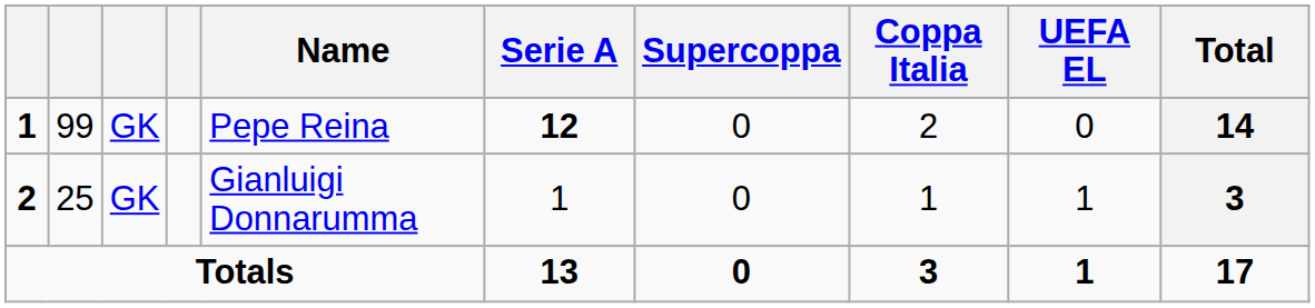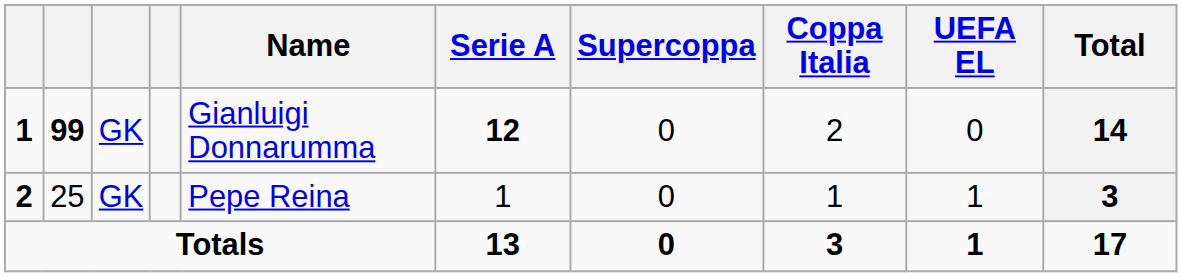 <table class="wikitable" style="text-align:center">
 <tr>
 <th width=15></th>
 <th width=15></th>
 <th width=15></th>
 <th width=15></th>
 <th width=145>Name</th>
 <th width=80><a href='#'>Serie A</a></th>
 <th width=80><a href='#'>Supercoppa</a></th>
 <th width=80><a href='#'>Coppa Italia</a></th>
 <th width=80><a href='#'>UEFA EL</a></th>
 <th width=80>Total</th>
 </tr>
 <tr>
 <td><strong>1</strong></td>
-<td>99</td>
+<td><strong>99</strong></td>
 <td><a href='#'>GK</a></td>
 <td></td>
-<td align=left><a href='#'>Pepe Reina</a></td>
+<td align=left><a href='#'>Gianluigi Donnarumma</a></td>
 <td><strong>12</strong></td>
 <td>0</td>
 <td>2</td>
 <td>0</td>
 <th>14</th>
 </tr>
 <tr>
 <td><strong>2</strong></td>
 <td>25</td>
 <td><a href='#'>GK</a></td>
 <td></td>
-<td align=left><a href='#'>Gianluigi Donnarumma</a></td>
+<td align=left><a href='#'>Pepe Reina</a></td>
 <td>1</td>
 <td>0</td>
 <td>1</td>
 <td>1</td>
 <th>3</th>
 </tr>
 <tr>
 <td colspan=5><strong>Totals</strong></td>
 <td><strong>13</strong></td>
 <td><strong>0</strong></td>
 <td><strong>3</strong></td>
 <td><strong>1</strong></td>
 <td><strong>17</strong></td>
 </tr>
 </table>
